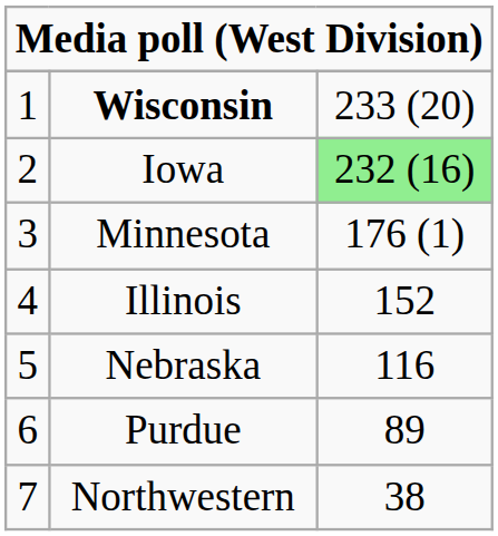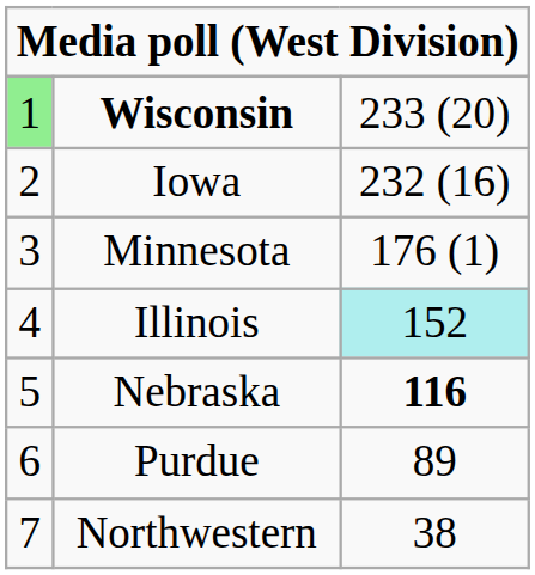 <table class="wikitable" style="display: inline-table;">
 <tr>
 <td style="text-align:center" Colspan="3"><strong>Media poll (West Division)</strong></td>
 </tr>
 <tr style="text-align:center">
 </tr>
 <tr style="text-align:center">
-<td>1</td>
+<td style="background: lightgreen;">1</td>
 <td><strong>Wisconsin</strong></td>
 <td>233 (20)</td>
 </tr>
 <tr style="text-align:center">
 <td>2</td>
 <td>Iowa</td>
-<td style="background: lightgreen;">232 (16)</td>
+<td>232 (16)</td>
 </tr>
 <tr style="text-align:center">
 <td>3</td>
 <td>Minnesota</td>
 <td>176 (1)</td>
 </tr>
 <tr style="text-align:center">
 <td>4</td>
 <td>Illinois</td>
-<td>152</td>
+<td style="background: paleturquoise;">152</td>
 </tr>
 <tr style="text-align:center">
 <td>5</td>
 <td>Nebraska</td>
-<td>116</td>
+<td><strong>116</strong></td>
 </tr>
 <tr style="text-align:center">
 <td>6</td>
 <td>Purdue</td>
 <td>89</td>
 </tr>
 <tr style="text-align:center">
 <td>7</td>
 <td>Northwestern</td>
 <td>38</td>
 </tr>
 </table>
